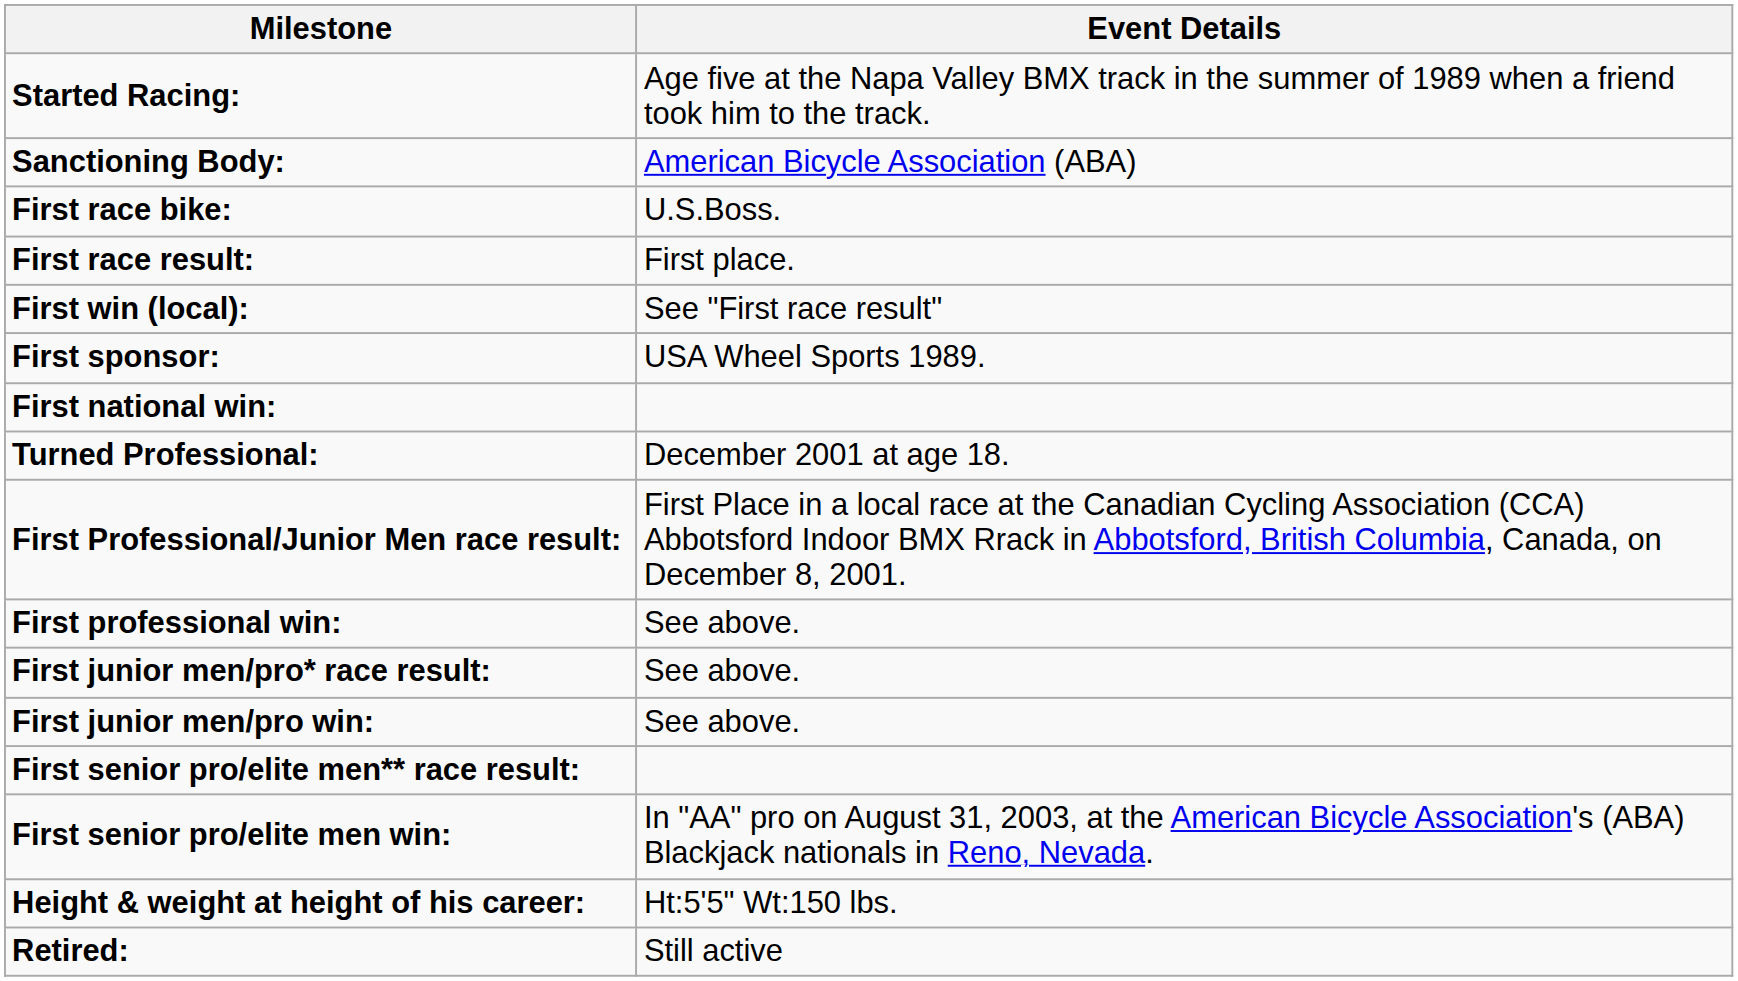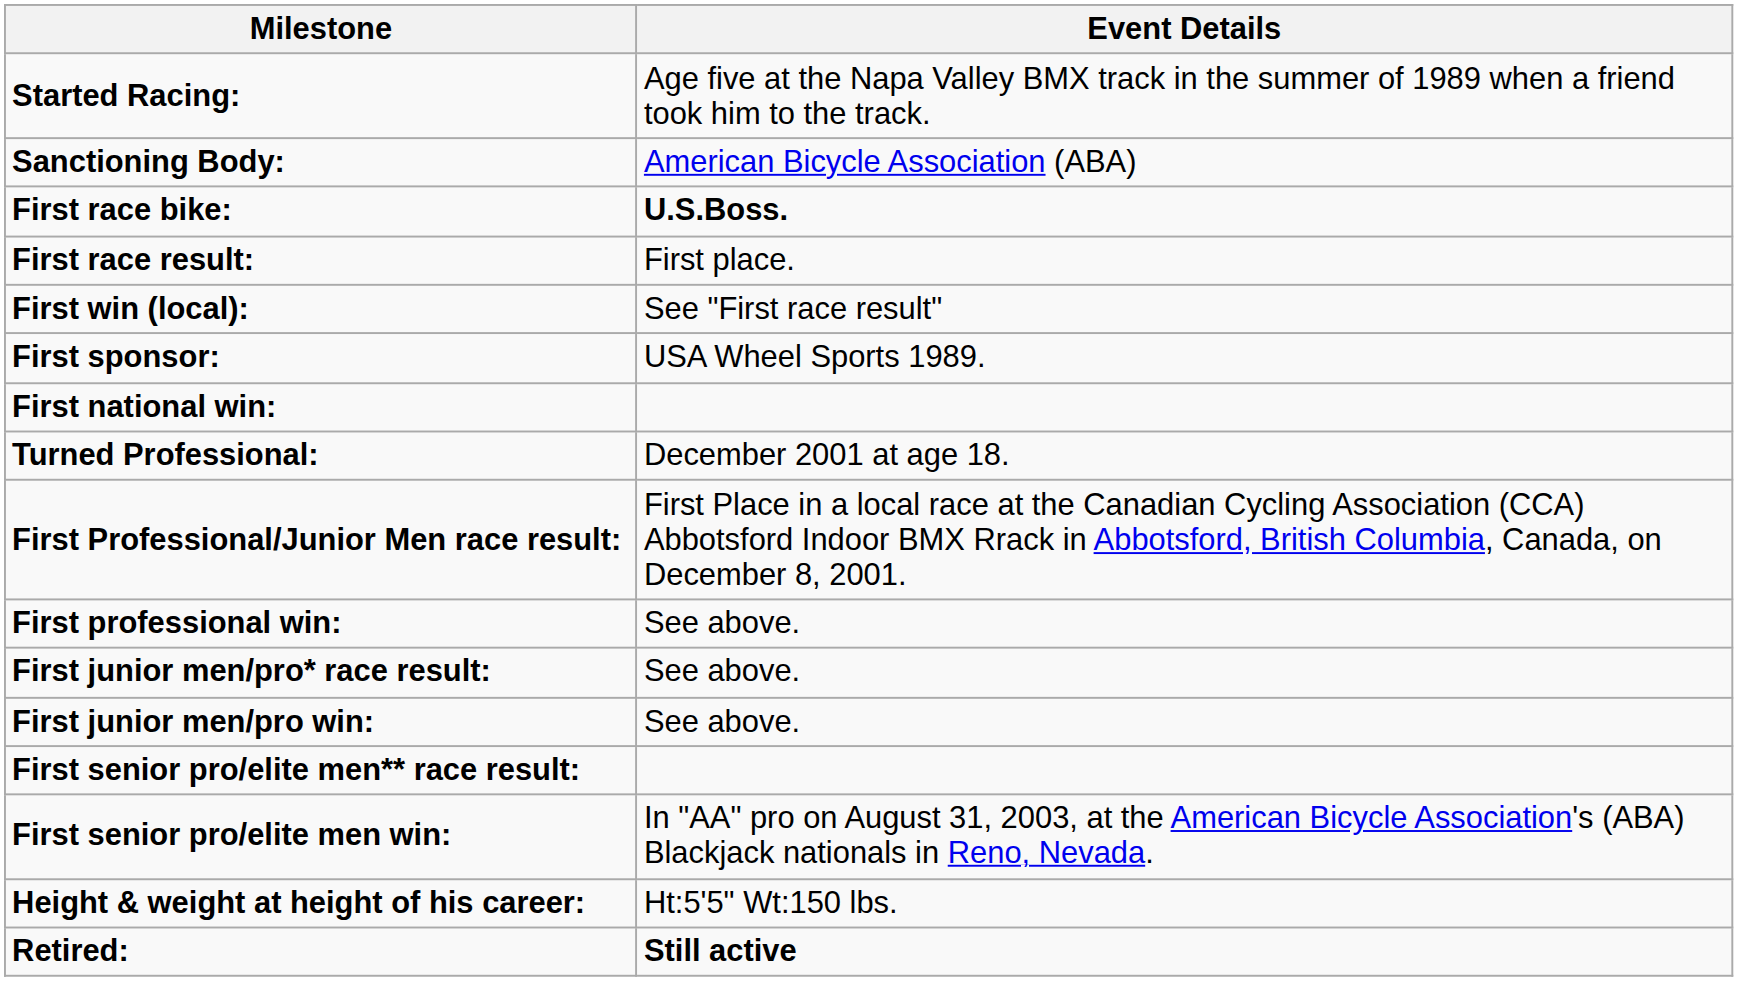 <table class="sortable wikitable">
 <tr>
 <th style="width:20em">Milestone</th>
 <th style="width:35em">Event Details</th>
 </tr>
 <tr>
 <td><strong>Started Racing:</strong></td>
 <td>Age five at the Napa Valley BMX track in the summer of 1989 when a friend took him to the track.</td>
 </tr>
 <tr>
 <td><strong>Sanctioning Body:</strong></td>
 <td><a href='#'>American Bicycle Association</a> (ABA)</td>
 </tr>
 <tr>
 <td><strong>First race bike:</strong></td>
-<td>U.S.Boss.</td>
+<td><strong>U.S.Boss.</strong></td>
 </tr>
 <tr>
 <td><strong>First race result:</strong></td>
 <td>First place.</td>
 </tr>
 <tr>
 <td><strong>First win (local):</strong></td>
 <td>See "First race result"</td>
 </tr>
 <tr>
 <td><strong>First sponsor:</strong></td>
 <td>USA Wheel Sports 1989.</td>
 </tr>
 <tr>
 <td><strong>First national win:</strong></td>
 <td></td>
 </tr>
 <tr>
 <td><strong>Turned Professional:</strong></td>
 <td>December 2001 at age 18.</td>
 </tr>
 <tr>
 <td><strong>First Professional/Junior Men race result:</strong></td>
 <td>First Place in a local race at the Canadian Cycling Association (CCA) Abbotsford Indoor BMX Rrack in <a href='#'>Abbotsford, British Columbia</a>, Canada, on December 8, 2001.</td>
 </tr>
 <tr>
 <td><strong>First professional win:</strong></td>
 <td>See above.</td>
 </tr>
 <tr>
 <td><strong>First junior men/pro* race result:</strong></td>
 <td>See above.</td>
 </tr>
 <tr>
 <td><strong>First junior men/pro win:</strong></td>
 <td>See above.</td>
 </tr>
 <tr>
 <td><strong>First senior pro/elite men** race result:</strong></td>
 <td></td>
 </tr>
 <tr>
 <td><strong>First senior pro/elite men win:</strong></td>
 <td>In "AA" pro on August 31, 2003, at the <a href='#'>American Bicycle Association</a>'s (ABA) Blackjack nationals in <a href='#'>Reno, Nevada</a>.</td>
 </tr>
 <tr>
 <td><strong>Height & weight at height of his career:</strong></td>
 <td>Ht:5'5" Wt:150 lbs.</td>
 </tr>
 <tr>
 <td><strong>Retired:</strong></td>
-<td>Still active</td>
+<td><strong>Still active</strong></td>
 </tr>
 </table>
